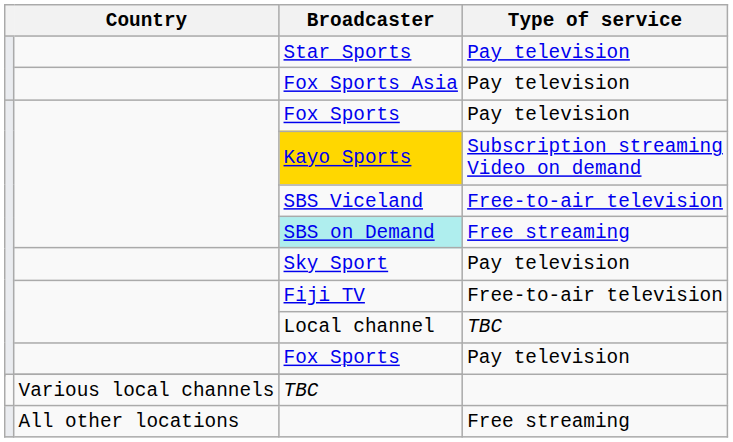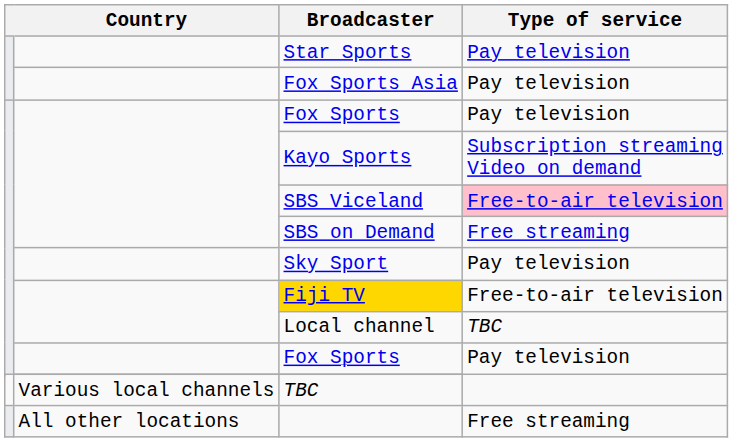 <table class="wikitable">
 <tr>
 <th style="border-right:1px solid transparent; padding:0;"></th>
 <th style="border-left:1px solid transparent;">Country</th>
 <th>Broadcaster</th>
 <th>Type of service</th>
 </tr>
 <tr>
 <th rowspan=2 scope="row" style="padding:0; background:#eaecf0;"> </th>
 <td></td>
 <td><a href='#'>Star Sports</a></td>
 <td><a href='#'>Pay television</a></td>
 </tr>
 <tr>
 <td></td>
 <td><a href='#'>Fox Sports Asia</a></td>
 <td>Pay television</td>
 </tr>
 <tr>
 <th rowspan=9 scope="row" style="padding:0; background:#eaecf0;"> </th>
 <td rowspan=4></td>
 <td><a href='#'>Fox Sports</a></td>
 <td>Pay television</td>
 </tr>
 <tr>
-<td style="background: gold;"><a href='#'>Kayo Sports</a></td>
+<td><a href='#'>Kayo Sports</a></td>
 <td><a href='#'>Subscription streaming</a><br><a href='#'>Video on demand</a></td>
 </tr>
 <tr>
 <td><a href='#'>SBS Viceland</a></td>
-<td><a href='#'>Free-to-air television</a></td>
+<td style="background: pink;"><a href='#'>Free-to-air television</a></td>
 </tr>
 <tr>
-<td style="background: paleturquoise;"><a href='#'>SBS on Demand</a><br></td>
+<td><a href='#'>SBS on Demand</a><br></td>
 <td><a href='#'>Free streaming</a></td>
 </tr>
 <tr>
 <td></td>
 <td><a href='#'>Sky Sport</a></td>
 <td>Pay television</td>
 </tr>
 <tr>
 <td rowspan=2></td>
-<td><a href='#'>Fiji TV</a></td>
+<td style="background: gold;"><a href='#'>Fiji TV</a></td>
 <td>Free-to-air television</td>
 </tr>
 <tr>
 <td>Local channel</td>
 <td><em>TBC</em></td>
 </tr>
 <tr>
 <td></td>
 <td><a href='#'>Fox Sports</a></td>
 <td>Pay television</td>
 </tr>
 <tr>
 </tr>
 <tr>
 <td></td>
 <td>Various local channels</td>
 <td><em>TBC</em></td>
 </tr>
 <tr>
 <th scope="row" style="padding:5px 0; background:#eaecf0;"></th>
 <td> All other locations</td>
 <td></td>
 <td>Free streaming</td>
 </tr>
 </table>
